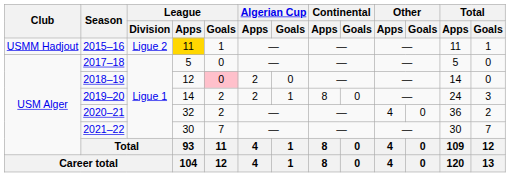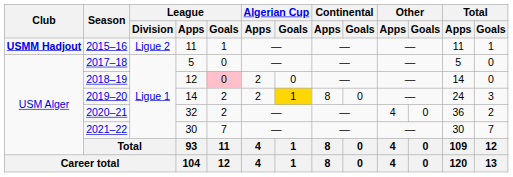 <table class="wikitable" style="text-align:center">
 <tr>
 <th rowspan="2">Club</th>
 <th rowspan="2">Season</th>
 <th colspan="3">League</th>
 <th colspan="2"><a href='#'>Algerian Cup</a></th>
 <th colspan="2">Continental</th>
 <th colspan="2">Other</th>
 <th colspan="2">Total</th>
 </tr>
 <tr>
 <th>Division</th>
 <th>Apps</th>
 <th>Goals</th>
 <th>Apps</th>
 <th>Goals</th>
 <th>Apps</th>
 <th>Goals</th>
 <th>Apps</th>
 <th>Goals</th>
 <th>Apps</th>
 <th>Goals</th>
 </tr>
 <tr>
-<td><a href='#'>USMM Hadjout</a></td>
+<td><strong><a href='#'>USMM Hadjout</a></strong></td>
 <td><a href='#'>2015–16</a></td>
 <td><a href='#'>Ligue 2</a></td>
-<td style="background: gold;">11</td>
+<td>11</td>
 <td>1</td>
 <td colspan="2">—</td>
 <td colspan="2">—</td>
 <td colspan="2">—</td>
 <td>11</td>
 <td>1</td>
 </tr>
 <tr>
 <td rowspan="6"><a href='#'>USM Alger</a></td>
 <td><a href='#'>2017–18</a></td>
 <td rowspan="5"><a href='#'>Ligue 1</a></td>
 <td>5</td>
 <td>0</td>
 <td colspan="2">—</td>
 <td colspan="2">—</td>
 <td colspan="2">—</td>
 <td>5</td>
 <td>0</td>
 </tr>
 <tr>
 <td><a href='#'>2018–19</a></td>
 <td>12</td>
 <td style="background: pink;">0</td>
 <td>2</td>
 <td>0</td>
 <td colspan="2">—</td>
 <td colspan="2">—</td>
 <td>14</td>
 <td>0</td>
 </tr>
 <tr>
 <td><a href='#'>2019–20</a></td>
 <td>14</td>
 <td>2</td>
 <td>2</td>
-<td>1</td>
+<td style="background: gold;">1</td>
 <td>8</td>
 <td>0</td>
 <td colspan="2">—</td>
 <td>24</td>
 <td>3</td>
 </tr>
 <tr>
 <td><a href='#'>2020–21</a></td>
 <td>32</td>
 <td>2</td>
 <td colspan="2">—</td>
 <td colspan="2">—</td>
 <td>4</td>
 <td>0</td>
 <td>36</td>
 <td>2</td>
 </tr>
 <tr>
 <td><a href='#'>2021–22</a></td>
 <td>30</td>
 <td>7</td>
 <td colspan="2">—</td>
 <td colspan="2">—</td>
 <td colspan="2">—</td>
 <td>30</td>
 <td>7</td>
 </tr>
 <tr>
 <th colspan="2">Total</th>
 <th>93</th>
 <th>11</th>
 <th>4</th>
 <th>1</th>
 <th>8</th>
 <th>0</th>
 <th>4</th>
 <th>0</th>
 <th>109</th>
 <th>12</th>
 </tr>
 <tr>
 <th colspan="3">Career total</th>
 <th>104</th>
 <th>12</th>
 <th>4</th>
 <th>1</th>
 <th>8</th>
 <th>0</th>
 <th>4</th>
 <th>0</th>
 <th>120</th>
 <th>13</th>
 </tr>
 </table>
